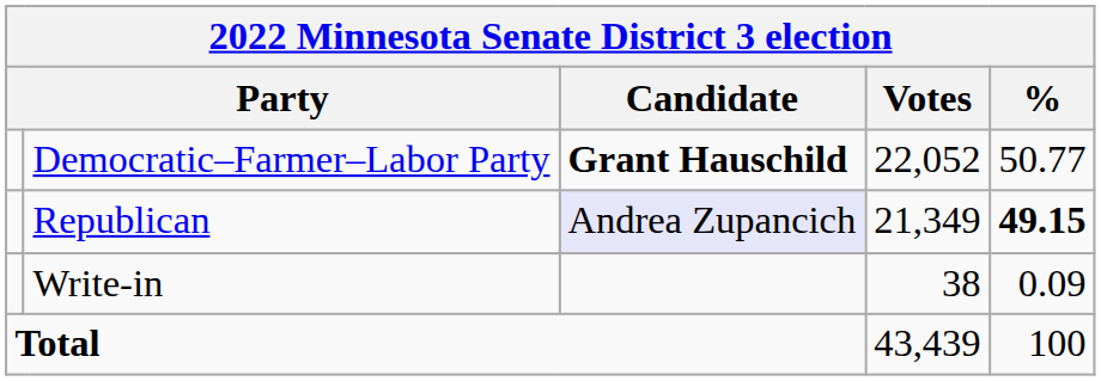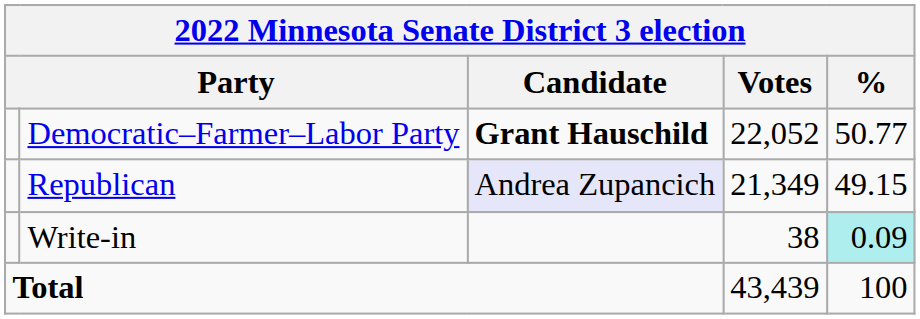 <table class="wikitable">
 <tr>
 <th colspan="6"><a href='#'>2022 Minnesota Senate District 3 election</a></th>
 </tr>
 <tr>
 <th colspan="2">Party</th>
 <th>Candidate</th>
 <th>Votes</th>
 <th>%</th>
 </tr>
 <tr>
 <td style="background-color:"></td>
 <td><a href='#'>Democratic–Farmer–Labor Party</a></td>
 <td><strong>Grant Hauschild</strong></td>
 <td align="right">22,052</td>
 <td align="right">50.77</td>
 </tr>
 <tr>
 <td style="background-color:"></td>
 <td><a href='#'>Republican</a></td>
 <td style="background: lavender;">Andrea Zupancich</td>
 <td align="right">21,349</td>
-<td align="right"><strong>49.15</strong></td>
+<td align="right">49.15</td>
 </tr>
 <tr>
 <td Write-in></td>
 <td>Write-in</td>
 <td></td>
 <td align="right">38</td>
-<td align="right">0.09</td>
+<td align="right" style="background: paleturquoise;">0.09</td>
 </tr>
 <tr>
 <td colspan="3"><strong>Total</strong></td>
 <td align="right">43,439</td>
 <td align="right">100</td>
 </tr>
 </table>
